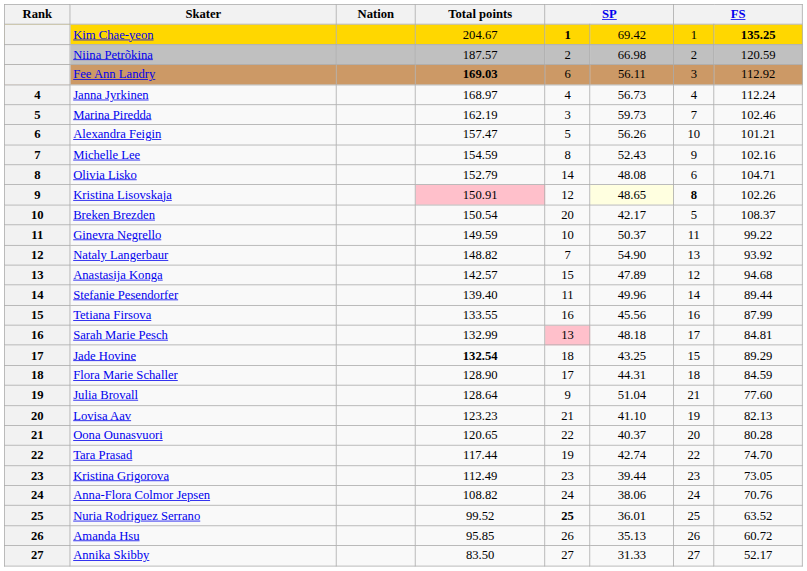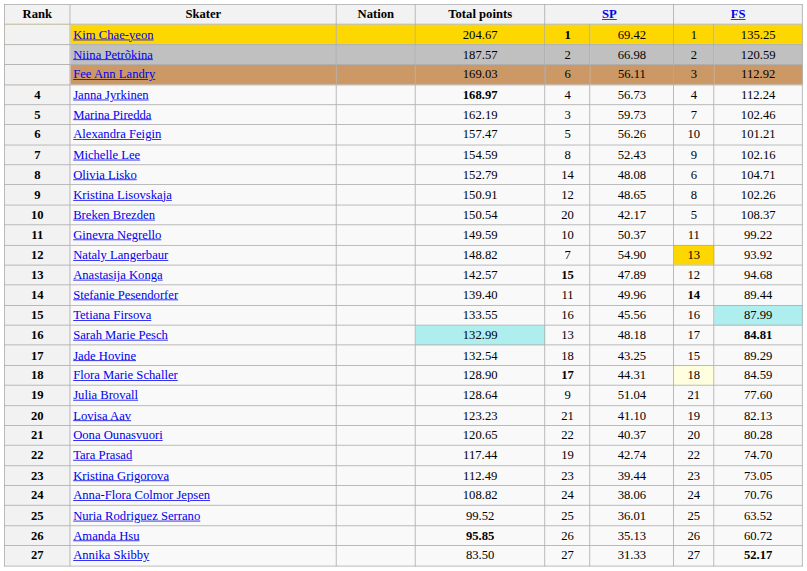 <table class="wikitable sortable" style="text-align:center;" width="80%">
 <tr>
 <th scope="col">Rank</th>
 <th scope="col">Skater</th>
 <th scope="col">Nation</th>
 <th scope="col">Total points</th>
 <th scope="col" colspan="2" width="80px"><a href='#'>SP</a></th>
 <th scope="col" colspan="2" width="80px"><a href='#'>FS</a></th>
 </tr>
 <tr bgcolor="gold">
 <th scope="row"></th>
 <td align="left"><a href='#'>Kim Chae-yeon</a></td>
 <td align="left"></td>
 <td>204.67</td>
 <td><strong>1</strong></td>
 <td>69.42</td>
 <td>1</td>
-<td><strong>135.25</strong></td>
+<td>135.25</td>
 </tr>
 <tr bgcolor="silver">
 <th scope="row"></th>
 <td align="left"><a href='#'>Niina Petrõkina</a></td>
 <td align="left"></td>
 <td>187.57</td>
 <td>2</td>
 <td>66.98</td>
 <td>2</td>
 <td>120.59</td>
 </tr>
 <tr bgcolor="cc9966">
 <th scope="row"></th>
 <td align="left"><a href='#'>Fee Ann Landry</a></td>
 <td align="left"></td>
-<td><strong>169.03</strong></td>
+<td>169.03</td>
 <td>6</td>
 <td>56.11</td>
 <td>3</td>
 <td>112.92</td>
 </tr>
 <tr>
 <th scope="row">4</th>
 <td align="left"><a href='#'>Janna Jyrkinen</a></td>
 <td align="left"></td>
-<td>168.97</td>
+<td><strong>168.97</strong></td>
 <td>4</td>
 <td>56.73</td>
 <td>4</td>
 <td>112.24</td>
 </tr>
 <tr>
 <th scope="row">5</th>
 <td align="left"><a href='#'>Marina Piredda</a></td>
 <td align="left"></td>
 <td>162.19</td>
 <td>3</td>
 <td>59.73</td>
 <td>7</td>
 <td>102.46</td>
 </tr>
 <tr>
 <th scope="row">6</th>
 <td align="left"><a href='#'>Alexandra Feigin</a></td>
 <td align="left"></td>
 <td>157.47</td>
 <td>5</td>
 <td>56.26</td>
 <td>10</td>
 <td>101.21</td>
 </tr>
 <tr>
 <th scope="row">7</th>
 <td align="left"><a href='#'>Michelle Lee</a></td>
 <td align="left"></td>
 <td>154.59</td>
 <td>8</td>
 <td>52.43</td>
 <td>9</td>
 <td>102.16</td>
 </tr>
 <tr>
 <th scope="row">8</th>
 <td align="left"><a href='#'>Olivia Lisko</a></td>
 <td align="left"></td>
 <td>152.79</td>
 <td>14</td>
 <td>48.08</td>
 <td>6</td>
 <td>104.71</td>
 </tr>
 <tr>
 <th scope="row">9</th>
 <td align="left"><a href='#'>Kristina Lisovskaja</a></td>
 <td align="left"></td>
-<td style="background: pink;">150.91</td>
+<td>150.91</td>
 <td>12</td>
-<td style="background: lightyellow;">48.65</td>
-<td><strong>8</strong></td>
+<td>48.65</td>
+<td>8</td>
 <td>102.26</td>
 </tr>
 <tr>
 <th scope="row">10</th>
 <td align="left"><a href='#'>Breken Brezden</a></td>
 <td align="left"></td>
 <td>150.54</td>
 <td>20</td>
 <td>42.17</td>
 <td>5</td>
 <td>108.37</td>
 </tr>
 <tr>
 <th scope="row">11</th>
 <td align="left"><a href='#'>Ginevra Negrello</a></td>
 <td align="left"></td>
 <td>149.59</td>
 <td>10</td>
 <td>50.37</td>
 <td>11</td>
 <td>99.22</td>
 </tr>
 <tr>
 <th scope="row">12</th>
 <td align="left"><a href='#'>Nataly Langerbaur</a></td>
 <td align="left"></td>
 <td>148.82</td>
 <td>7</td>
 <td>54.90</td>
-<td>13</td>
+<td style="background: gold;">13</td>
 <td>93.92</td>
 </tr>
 <tr>
 <th scope="row">13</th>
 <td align="left"><a href='#'>Anastasija Konga</a></td>
 <td align="left"></td>
 <td>142.57</td>
-<td>15</td>
+<td><strong>15</strong></td>
 <td>47.89</td>
 <td>12</td>
 <td>94.68</td>
 </tr>
 <tr>
 <th scope="row">14</th>
 <td align="left"><a href='#'>Stefanie Pesendorfer</a></td>
 <td align="left"></td>
 <td>139.40</td>
 <td>11</td>
 <td>49.96</td>
-<td>14</td>
+<td><strong>14</strong></td>
 <td>89.44</td>
 </tr>
 <tr>
 <th scope="row">15</th>
 <td align="left"><a href='#'>Tetiana Firsova</a></td>
 <td align="left"></td>
 <td>133.55</td>
 <td>16</td>
 <td>45.56</td>
 <td>16</td>
-<td>87.99</td>
+<td style="background: paleturquoise;">87.99</td>
 </tr>
 <tr>
 <th scope="row">16</th>
 <td align="left"><a href='#'>Sarah Marie Pesch</a></td>
 <td align="left"></td>
-<td>132.99</td>
-<td style="background: pink;">13</td>
+<td style="background: paleturquoise;">132.99</td>
+<td>13</td>
 <td>48.18</td>
 <td>17</td>
-<td>84.81</td>
+<td><strong>84.81</strong></td>
 </tr>
 <tr>
 <th scope="row">17</th>
 <td align="left"><a href='#'>Jade Hovine</a></td>
 <td align="left"></td>
-<td><strong>132.54</strong></td>
+<td>132.54</td>
 <td>18</td>
 <td>43.25</td>
 <td>15</td>
 <td>89.29</td>
 </tr>
 <tr>
 <th scope="row">18</th>
 <td align="left"><a href='#'>Flora Marie Schaller</a></td>
 <td align="left"></td>
 <td>128.90</td>
-<td>17</td>
+<td><strong>17</strong></td>
 <td>44.31</td>
-<td>18</td>
+<td style="background: lightyellow;">18</td>
 <td>84.59</td>
 </tr>
 <tr>
 <th scope="row">19</th>
 <td align="left"><a href='#'>Julia Brovall</a></td>
 <td align="left"></td>
 <td>128.64</td>
 <td>9</td>
 <td>51.04</td>
 <td>21</td>
 <td>77.60</td>
 </tr>
 <tr>
 <th scope="row">20</th>
 <td align="left"><a href='#'>Lovisa Aav</a></td>
 <td align="left"></td>
 <td>123.23</td>
 <td>21</td>
 <td>41.10</td>
 <td>19</td>
 <td>82.13</td>
 </tr>
 <tr>
 <th scope="row">21</th>
 <td align="left"><a href='#'>Oona Ounasvuori</a></td>
 <td align="left"></td>
 <td>120.65</td>
 <td>22</td>
 <td>40.37</td>
 <td>20</td>
 <td>80.28</td>
 </tr>
 <tr>
 <th scope="row">22</th>
 <td align="left"><a href='#'>Tara Prasad</a></td>
 <td align="left"></td>
 <td>117.44</td>
 <td>19</td>
 <td>42.74</td>
 <td>22</td>
 <td>74.70</td>
 </tr>
 <tr>
 <th scope="row">23</th>
 <td align="left"><a href='#'>Kristina Grigorova</a></td>
 <td align="left"></td>
 <td>112.49</td>
 <td>23</td>
 <td>39.44</td>
 <td>23</td>
 <td>73.05</td>
 </tr>
 <tr>
 <th scope="row">24</th>
 <td align="left"><a href='#'>Anna-Flora Colmor Jepsen</a></td>
 <td align="left"></td>
 <td>108.82</td>
 <td>24</td>
 <td>38.06</td>
 <td>24</td>
 <td>70.76</td>
 </tr>
 <tr>
 <th scope="row">25</th>
 <td align="left"><a href='#'>Nuria Rodriguez Serrano</a></td>
 <td align="left"></td>
 <td>99.52</td>
-<td><strong>25</strong></td>
+<td>25</td>
 <td>36.01</td>
 <td>25</td>
 <td>63.52</td>
 </tr>
 <tr>
 <th scope="row">26</th>
 <td align="left"><a href='#'>Amanda Hsu</a></td>
 <td align="left"></td>
-<td>95.85</td>
+<td><strong>95.85</strong></td>
 <td>26</td>
 <td>35.13</td>
 <td>26</td>
 <td>60.72</td>
 </tr>
 <tr>
 <th scope="row">27</th>
 <td align="left"><a href='#'>Annika Skibby</a></td>
 <td align="left"></td>
 <td>83.50</td>
 <td>27</td>
 <td>31.33</td>
 <td>27</td>
-<td>52.17</td>
+<td><strong>52.17</strong></td>
 </tr>
 </table>
